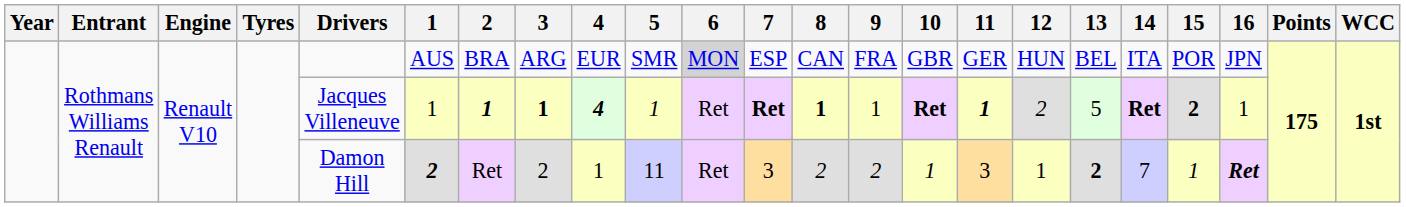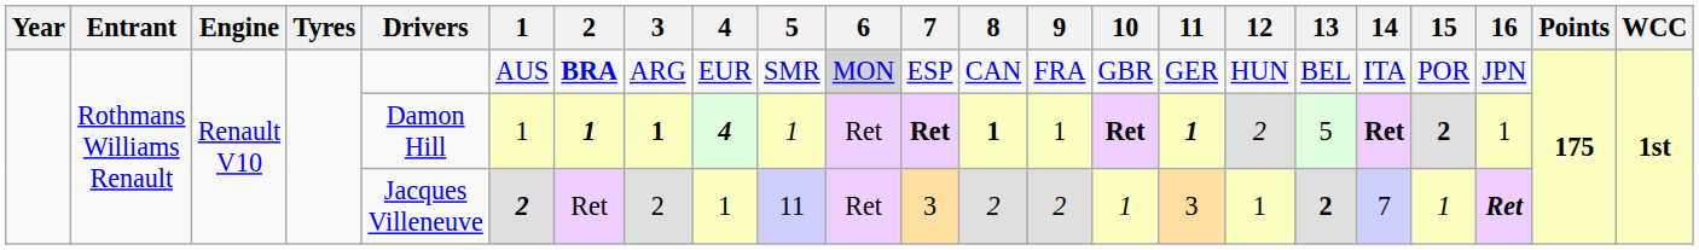 <table class="wikitable" style="text-align:center; font-size:95%">
 <tr>
 <th>Year</th>
 <th>Entrant</th>
 <th>Engine</th>
 <th>Tyres</th>
 <th>Drivers</th>
 <th>1</th>
 <th>2</th>
 <th>3</th>
 <th>4</th>
 <th>5</th>
 <th>6</th>
 <th>7</th>
 <th>8</th>
 <th>9</th>
 <th>10</th>
 <th>11</th>
 <th>12</th>
 <th>13</th>
 <th>14</th>
 <th>15</th>
 <th>16</th>
 <th>Points</th>
 <th>WCC</th>
 </tr>
 <tr>
 <td rowspan="3"></td>
 <td rowspan="3"><a href='#'>Rothmans Williams Renault</a></td>
 <td rowspan="3"><a href='#'>Renault</a> <a href='#'>V10</a></td>
 <td rowspan="3"></td>
 <td></td>
 <td><a href='#'>AUS</a></td>
-<td><a href='#'>BRA</a></td>
+<td><strong><a href='#'>BRA</a></strong></td>
 <td><a href='#'>ARG</a></td>
 <td><a href='#'>EUR</a></td>
 <td><a href='#'>SMR</a></td>
 <td style="background: lightgrey;"><a href='#'>MON</a></td>
 <td><a href='#'>ESP</a></td>
 <td><a href='#'>CAN</a></td>
 <td><a href='#'>FRA</a></td>
 <td><a href='#'>GBR</a></td>
 <td><a href='#'>GER</a></td>
 <td><a href='#'>HUN</a></td>
 <td><a href='#'>BEL</a></td>
 <td><a href='#'>ITA</a></td>
 <td><a href='#'>POR</a></td>
 <td><a href='#'>JPN</a></td>
 <td rowspan="3" style="background:#FBFFBF;"><strong>175</strong></td>
 <td rowspan="3" style="background:#FBFFBF;"><strong>1st</strong></td>
 </tr>
 <tr>
-<td><a href='#'>Jacques Villeneuve</a></td>
+<td><a href='#'>Damon Hill</a></td>
 <td style="background:#FBFFBF;">1</td>
 <td style="background:#FBFFBF;"><strong><em>1</em></strong></td>
 <td style="background:#FBFFBF;"><strong>1</strong></td>
 <td style="background:#DFFFDF;"><strong><em>4</em></strong></td>
 <td style="background:#FBFFBF;"><em>1</em></td>
 <td style="background:#EFCFFF;">Ret</td>
 <td style="background:#EFCFFF;"><strong>Ret</strong></td>
 <td style="background:#FBFFBF;"><strong>1</strong></td>
 <td style="background:#FBFFBF;">1</td>
 <td style="background:#EFCFFF;"><strong>Ret</strong></td>
 <td style="background:#FBFFBF;"><strong><em>1</em></strong></td>
 <td style="background:#DFDFDF;"><em>2</em></td>
 <td style="background:#DFFFDF;">5</td>
 <td style="background:#EFCFFF;"><strong>Ret</strong></td>
 <td style="background:#DFDFDF;"><strong>2</strong></td>
 <td style="background:#FBFFBF;">1</td>
 </tr>
 <tr>
-<td><a href='#'>Damon Hill</a></td>
+<td><a href='#'>Jacques Villeneuve</a></td>
 <td style="background:#DFDFDF;"><strong><em>2</em></strong></td>
 <td style="background:#EFCFFF;">Ret</td>
 <td style="background:#DFDFDF;">2</td>
 <td style="background:#FBFFBF;">1</td>
 <td style="background:#CFCFFF;">11</td>
 <td style="background:#EFCFFF;">Ret</td>
 <td style="background:#FFDF9F;">3</td>
 <td style="background:#DFDFDF;"><em>2</em></td>
 <td style="background:#DFDFDF;"><em>2</em></td>
 <td style="background:#FBFFBF;"><em>1</em></td>
 <td style="background:#FFDF9F;">3</td>
 <td style="background:#FBFFBF;">1</td>
 <td style="background:#DFDFDF;"><strong>2</strong></td>
 <td style="background:#CFCFFF;">7</td>
 <td style="background:#FBFFBF;"><em>1</em></td>
 <td style="background:#EFCFFF;"><strong><em>Ret</em></strong></td>
 </tr>
 </table>
